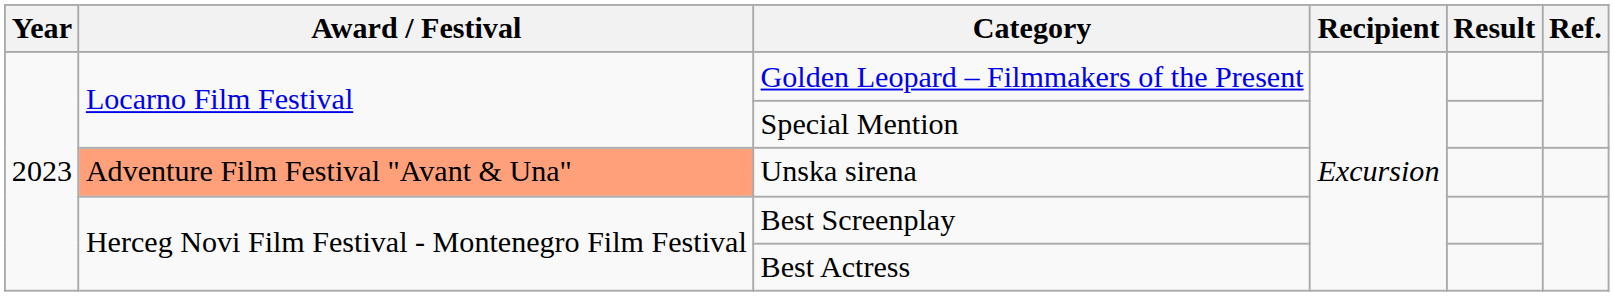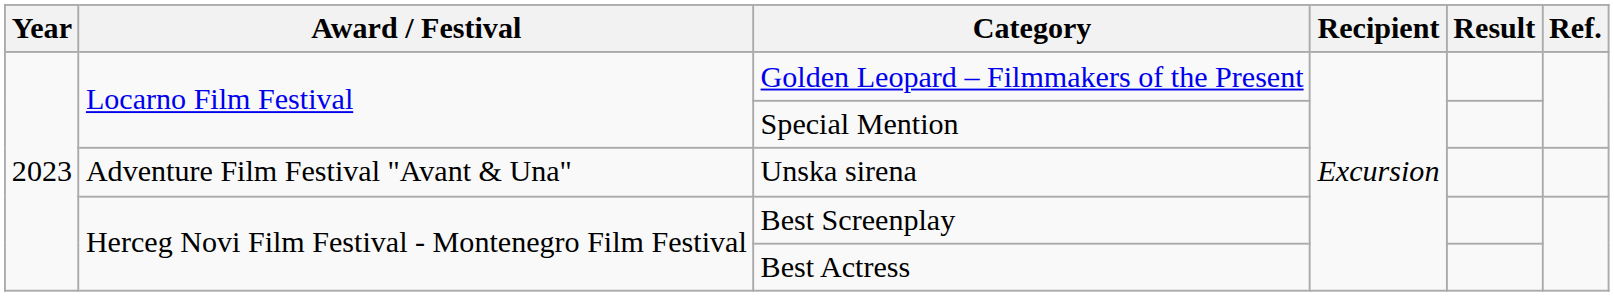 <table class="wikitable">
 <tr>
 <th>Year</th>
 <th>Award / Festival</th>
 <th>Category</th>
 <th>Recipient</th>
 <th>Result</th>
 <th>Ref.</th>
 </tr>
 <tr>
 <td rowspan="5">2023</td>
 <td rowspan="2"><a href='#'>Locarno Film Festival</a></td>
 <td><a href='#'>Golden Leopard – Filmmakers of the Present</a></td>
 <td rowspan="5"><em>Excursion</em></td>
 <td></td>
 <td rowspan="2"></td>
 </tr>
 <tr>
 <td>Special Mention</td>
 <td></td>
 </tr>
 <tr>
-<td style="background: lightsalmon;">Adventure Film Festival "Avant & Una"</td>
+<td>Adventure Film Festival "Avant & Una"</td>
 <td>Unska sirena</td>
 <td></td>
 <td></td>
 </tr>
 <tr>
 <td rowspan="2">Herceg Novi Film Festival - Montenegro Film Festival</td>
 <td>Best Screenplay</td>
 <td></td>
 <td rowspan="2"></td>
 </tr>
 <tr>
 <td>Best Actress</td>
 <td></td>
 </tr>
 </table>
